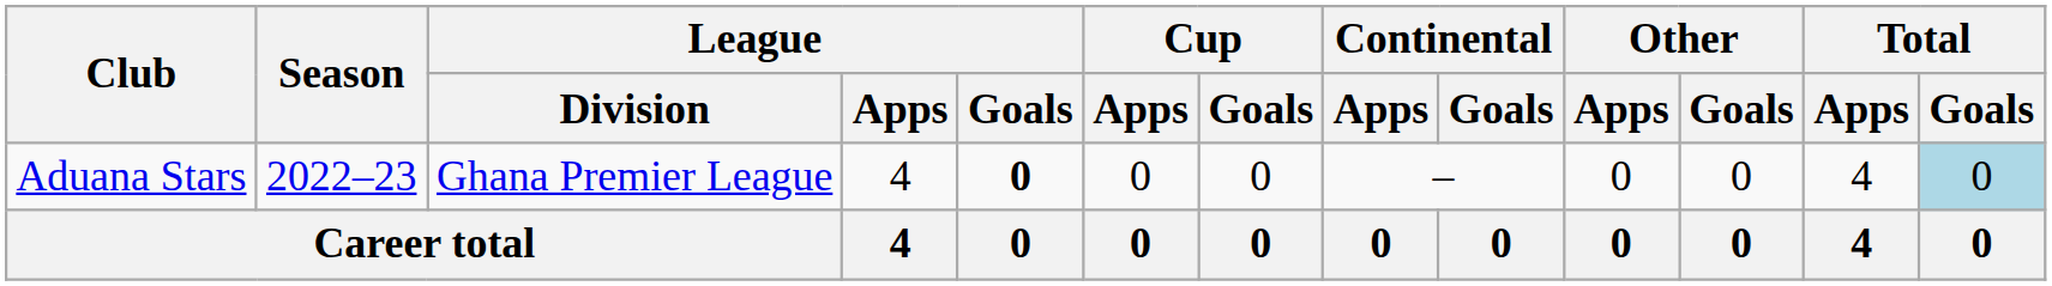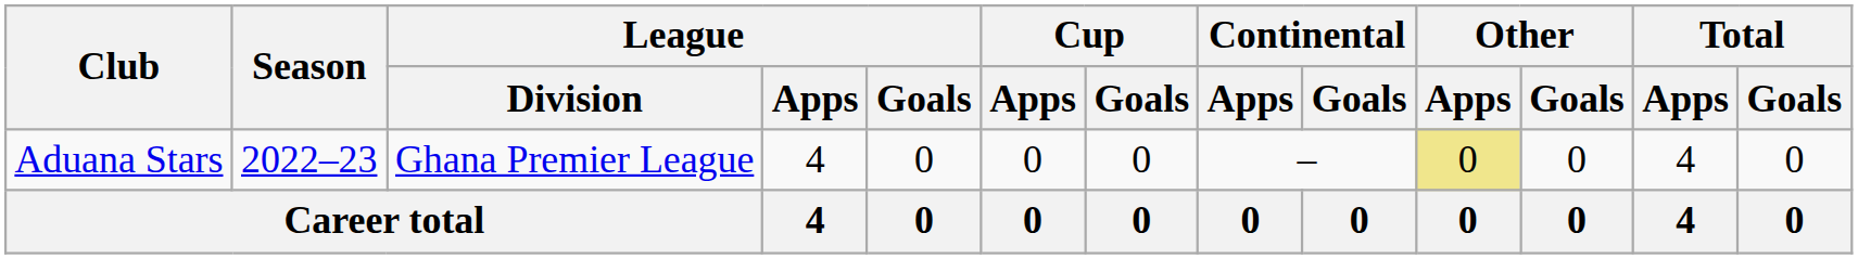 <table class="wikitable" style="text-align: center">
 <tr>
 <th rowspan="2">Club</th>
 <th rowspan="2">Season</th>
 <th colspan="3">League</th>
 <th colspan="2">Cup</th>
 <th colspan="2">Continental</th>
 <th colspan="2">Other</th>
 <th colspan="2">Total</th>
 </tr>
 <tr>
 <th>Division</th>
 <th>Apps</th>
 <th>Goals</th>
 <th>Apps</th>
 <th>Goals</th>
 <th>Apps</th>
 <th>Goals</th>
 <th>Apps</th>
 <th>Goals</th>
 <th>Apps</th>
 <th>Goals</th>
 </tr>
 <tr>
 <td><a href='#'>Aduana Stars</a></td>
 <td><a href='#'>2022–23</a></td>
 <td><a href='#'>Ghana Premier League</a></td>
 <td>4</td>
-<td><strong>0</strong></td>
+<td>0</td>
 <td>0</td>
 <td>0</td>
 <td colspan="2">–</td>
-<td>0</td>
+<td style="background: khaki;">0</td>
 <td>0</td>
 <td>4</td>
-<td style="background: lightblue;">0</td>
+<td>0</td>
 </tr>
 <tr>
 <th colspan="3"><strong>Career total</strong></th>
 <th>4</th>
 <th>0</th>
 <th>0</th>
 <th>0</th>
 <th>0</th>
 <th>0</th>
 <th>0</th>
 <th>0</th>
 <th>4</th>
 <th>0</th>
 </tr>
 </table>
